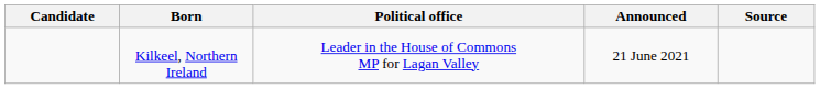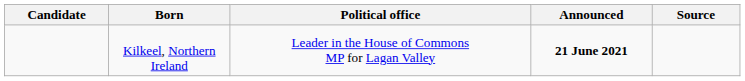 <table class="wikitable sortable" style="text-align:center">
 <tr>
 <th scope="col" style="width: 120px;">Candidate</th>
 <th scope="col" style="width: 140px;">Born</th>
 <th scope="col" style="width: 360px;">Political office</th>
 <th scope="col" style="width: 140px;">Announced</th>
 <th scope="col" style="width: 100px;">Source</th>
 </tr>
 <tr>
 <td><br></td>
 <td><br><a href='#'>Kilkeel</a>, <a href='#'>Northern Ireland</a></td>
 <td><a href='#'>Leader in the House of Commons</a>  <br> <a href='#'>MP</a> for <a href='#'>Lagan Valley</a> </td>
-<td>21 June 2021</td>
+<td><strong>21 June 2021</strong></td>
 </tr>
 </table>
